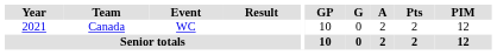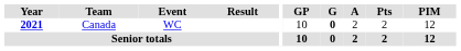 <table border="0" cellpadding="1" cellspacing="0" ID="Table3" style="text-align:center; width:40em">
 <tr ALIGN="center" bgcolor="#e0e0e0">
 <th>Year</th>
 <th>Team</th>
 <th>Event</th>
 <th>Result</th>
 <th rowspan="99" bgcolor="#ffffff"></th>
 <th>GP</th>
 <th>G</th>
 <th>A</th>
 <th>Pts</th>
 <th>PIM</th>
 </tr>
 <tr>
-<td><a href='#'>2021</a></td>
+<td><strong><a href='#'>2021</a></strong></td>
 <td><a href='#'>Canada</a></td>
 <td><a href='#'>WC</a></td>
 <td></td>
 <td>10</td>
-<td>0</td>
+<td><strong>0</strong></td>
 <td>2</td>
 <td>2</td>
 <td>12</td>
 </tr>
 <tr bgcolor="#e0e0e0">
 <th colspan="4">Senior totals</th>
 <th>10</th>
 <th>0</th>
 <th>2</th>
 <th>2</th>
 <th>12</th>
 </tr>
 </table>
